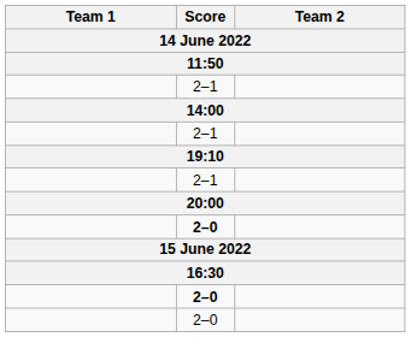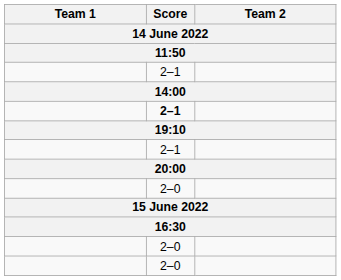 <table class="wikitable" style="text-align: center; font-size:90% ">
 <tr>
 <th align="right" width="160">Team 1</th>
 <th width="50">Score</th>
 <th align="left" width="160">Team 2</th>
 </tr>
 <tr>
 <th colspan=3>14 June 2022</th>
 </tr>
 <tr>
 <th colspan=3>11:50</th>
 </tr>
 <tr>
 <td align=right></td>
 <td align=center>2–1</td>
 <td align=left></td>
 </tr>
 <tr>
 <th colspan=3>14:00</th>
 </tr>
 <tr>
 <td align=right></td>
-<td align=center>2–1</td>
+<td align=center><strong>2–1</strong></td>
 <td align=left></td>
 </tr>
 <tr>
 <th colspan=3>19:10</th>
 </tr>
 <tr>
 <td align=right></td>
 <td align=center>2–1</td>
 <td align=left></td>
 </tr>
 <tr>
 <th colspan=3>20:00</th>
 </tr>
 <tr>
 <td align=right></td>
-<td align=center><strong>2–0</strong></td>
+<td align=center>2–0</td>
 <td align=left></td>
 </tr>
 <tr>
 <th colspan=3>15 June 2022</th>
 </tr>
 <tr>
 <th colspan=3>16:30</th>
 </tr>
 <tr>
 <td align=right></td>
-<td align=center><strong>2–0</strong></td>
+<td align=center>2–0</td>
 <td align=left></td>
 </tr>
 <tr>
 <td align=right></td>
 <td align=center>2–0</td>
 <td align=left></td>
 </tr>
 </table>
